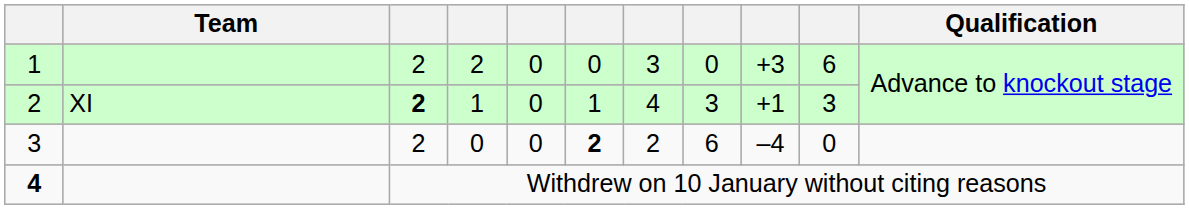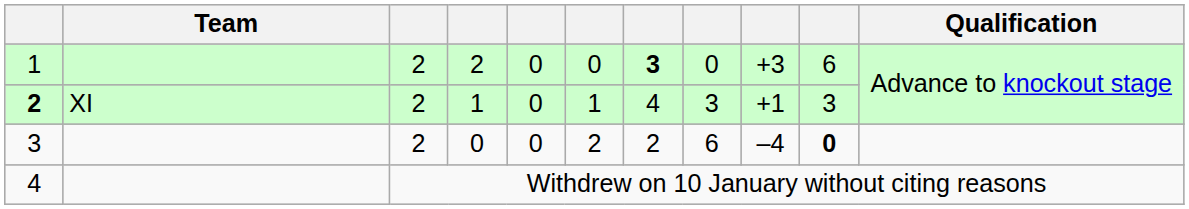 <table class="wikitable" style="text-align:center">
 <tr>
 <th width=30></th>
 <th width=200>Team</th>
 <th width=30></th>
 <th width=30></th>
 <th width=30></th>
 <th width=30></th>
 <th width=30></th>
 <th width=30></th>
 <th width=30></th>
 <th width=30></th>
 <th width=200>Qualification</th>
 </tr>
 <tr style="background-color:#cfc">
 <td>1</td>
 <td style="text-align:left"></td>
 <td>2</td>
 <td>2</td>
 <td>0</td>
 <td>0</td>
-<td>3</td>
+<td><strong>3</strong></td>
 <td>0</td>
 <td>+3</td>
 <td>6</td>
 <td rowspan="2">Advance to <a href='#'>knockout stage</a></td>
 </tr>
 <tr style="background-color:#cfc">
+<td><strong>2</strong></td>
+<td style="text-align:left"> XI</td>
 <td>2</td>
-<td style="text-align:left"> XI</td>
-<td><strong>2</strong></td>
 <td>1</td>
 <td>0</td>
 <td>1</td>
 <td>4</td>
 <td>3</td>
 <td>+1</td>
 <td>3</td>
 </tr>
 <tr>
 <td>3</td>
 <td style="text-align:left"></td>
 <td>2</td>
 <td>0</td>
 <td>0</td>
-<td><strong>2</strong></td>
+<td>2</td>
 <td>2</td>
 <td>6</td>
 <td>–4</td>
-<td>0</td>
+<td><strong>0</strong></td>
 <td></td>
 </tr>
 <tr>
-<td><strong>4</strong></td>
+<td>4</td>
 <td style="text-align:left"></td>
 <td colspan="9">Withdrew on 10 January without citing reasons</td>
 </tr>
 </table>
